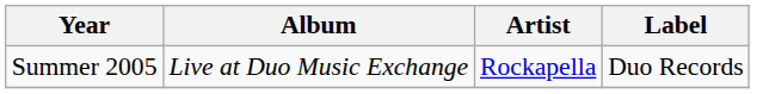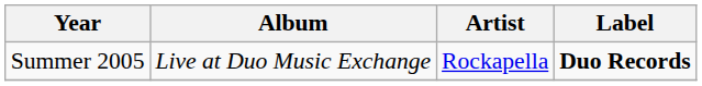 <table class="wikitable">
 <tr>
 <th align="center" valign="top"><strong>Year</strong></th>
 <th align="center" valign="top"><strong>Album</strong></th>
 <th align="center" valign="top"><strong>Artist</strong></th>
 <th align="center" valign="top"><strong>Label</strong></th>
 </tr>
 <tr>
 <td align="center" valign="middle">Summer 2005</td>
 <td align="center" valign="middle"><em>Live at Duo Music Exchange</em></td>
 <td align="center" valign="middle"><a href='#'>Rockapella</a></td>
-<td align="center" valign="middle">Duo Records</td>
+<td align="center" valign="middle"><strong>Duo Records</strong></td>
 </tr>
 <tr>
 </tr>
 </table>
